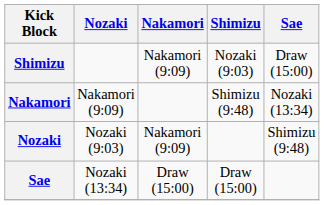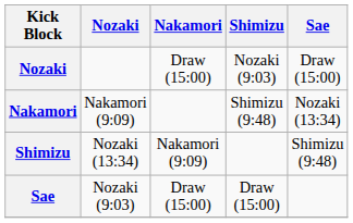 <table class="wikitable" style="text-align:center; margin: 1em auto 1em auto;" width="25%">
 <tr>
 <th>Kick Block</th>
 <th><a href='#'>Nozaki</a></th>
 <th><a href='#'>Nakamori</a></th>
 <th><a href='#'>Shimizu</a></th>
 <th><a href='#'>Sae</a></th>
 </tr>
 <tr>
-<th><a href='#'>Shimizu</a></th>
+<th><a href='#'>Nozaki</a></th>
 <td></td>
-<td>Nakamori<br>(9:09)</td>
+<td>Draw<br>(15:00)</td>
 <td>Nozaki<br>(9:03)</td>
 <td>Draw<br>(15:00)</td>
 </tr>
 <tr>
 <th><a href='#'>Nakamori</a></th>
 <td>Nakamori<br>(9:09)</td>
 <td></td>
 <td>Shimizu<br>(9:48)</td>
 <td>Nozaki<br>(13:34)</td>
 </tr>
 <tr>
-<th><a href='#'>Nozaki</a></th>
-<td>Nozaki<br>(9:03)</td>
+<th><a href='#'>Shimizu</a></th>
+<td>Nozaki<br>(13:34)</td>
 <td>Nakamori<br>(9:09)</td>
 <td></td>
 <td>Shimizu<br>(9:48)</td>
 </tr>
 <tr>
 <th><a href='#'>Sae</a></th>
-<td>Nozaki<br>(13:34)</td>
+<td>Nozaki<br>(9:03)</td>
 <td>Draw<br>(15:00)</td>
 <td>Draw<br>(15:00)</td>
 <td></td>
 </tr>
 <tr>
 </tr>
 </table>
